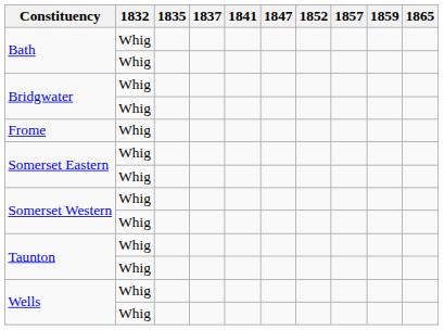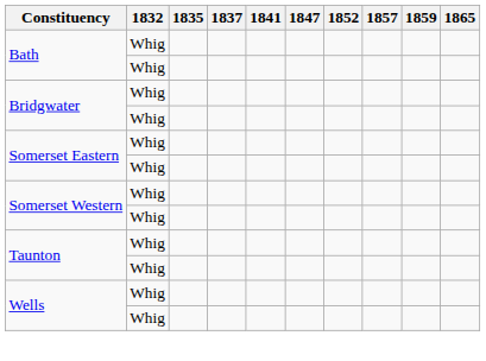 <table class=wikitable sortable>
 <tr>
 <th>Constituency</th>
 <th>1832</th>
 <th>1835</th>
 <th>1837</th>
 <th>1841</th>
 <th>1847</th>
 <th>1852</th>
 <th>1857</th>
 <th>1859</th>
 <th>1865</th>
 </tr>
 <tr>
 <td rowspan=2><a href='#'>Bath</a></td>
 <td bgcolor=>Whig</td>
 <td></td>
 <td></td>
 <td></td>
 <td></td>
 <td></td>
 <td></td>
 <td></td>
 <td></td>
 </tr>
 <tr>
 <td bgcolor=>Whig</td>
 <td></td>
 <td></td>
 <td></td>
 <td></td>
 <td></td>
 <td></td>
 <td></td>
 <td></td>
 </tr>
 <tr>
 <td rowspan=2><a href='#'>Bridgwater</a></td>
 <td bgcolor=>Whig</td>
 <td></td>
 <td></td>
 <td></td>
 <td></td>
 <td></td>
 <td></td>
 <td></td>
 <td></td>
 </tr>
 <tr>
-<td bgcolor=>Whig</td>
-<td></td>
-<td></td>
-<td></td>
-<td></td>
-<td></td>
-<td></td>
-<td></td>
-<td></td>
-</tr>
-<tr>
-<td><a href='#'>Frome</a></td>
 <td bgcolor=>Whig</td>
 <td></td>
 <td></td>
 <td></td>
 <td></td>
 <td></td>
 <td></td>
 <td></td>
 <td></td>
 </tr>
 <tr>
 <td rowspan=2><a href='#'>Somerset Eastern</a></td>
 <td bgcolor=>Whig</td>
 <td></td>
 <td></td>
 <td></td>
 <td></td>
 <td></td>
 <td></td>
 <td></td>
 <td></td>
 </tr>
 <tr>
 <td bgcolor=>Whig</td>
 <td></td>
 <td></td>
 <td></td>
 <td></td>
 <td></td>
 <td></td>
 <td></td>
 <td></td>
 </tr>
 <tr>
 <td rowspan=2><a href='#'>Somerset Western</a></td>
 <td bgcolor=>Whig</td>
 <td></td>
 <td></td>
 <td></td>
 <td></td>
 <td></td>
 <td></td>
 <td></td>
 <td></td>
 </tr>
 <tr>
 <td bgcolor=>Whig</td>
 <td></td>
 <td></td>
 <td></td>
 <td></td>
 <td></td>
 <td></td>
 <td></td>
 <td></td>
 </tr>
 <tr>
 <td rowspan="2"><a href='#'>Taunton</a></td>
 <td>Whig</td>
 <td></td>
 <td></td>
 <td></td>
 <td></td>
 <td></td>
 <td></td>
 <td></td>
 <td></td>
 </tr>
 <tr>
 <td>Whig</td>
 <td></td>
 <td></td>
 <td></td>
 <td></td>
 <td></td>
 <td></td>
 <td></td>
 <td></td>
 </tr>
 <tr>
 <td rowspan="2"><a href='#'>Wells</a></td>
 <td>Whig</td>
 <td></td>
 <td></td>
 <td></td>
 <td></td>
 <td></td>
 <td></td>
 <td></td>
 <td></td>
 </tr>
 <tr>
 <td bgcolor=>Whig</td>
 <td></td>
 <td></td>
 <td></td>
 <td></td>
 <td></td>
 <td></td>
 <td></td>
 <td></td>
 </tr>
 </table>
